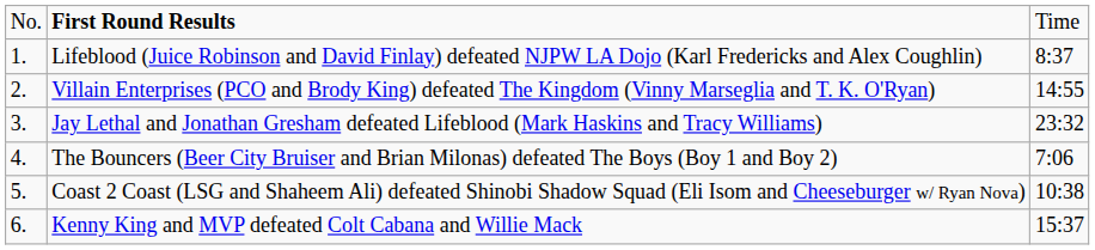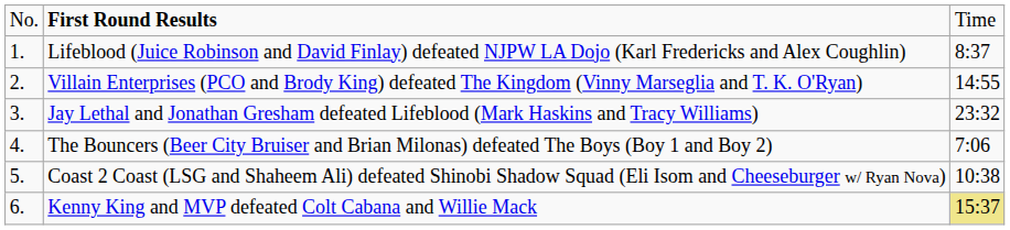 <table class="wikitable">
 <tr>
 <td>No.</td>
 <td><strong>First Round Results</strong></td>
 <td>Time</td>
 </tr>
 <tr>
 <td>1.</td>
 <td>Lifeblood (<a href='#'>Juice Robinson</a> and <a href='#'>David Finlay</a>) defeated <a href='#'>NJPW LA Dojo</a> (Karl Fredericks and Alex Coughlin)</td>
 <td>8:37</td>
 </tr>
 <tr>
 <td>2.</td>
 <td><a href='#'>Villain Enterprises</a> (<a href='#'>PCO</a> and <a href='#'>Brody King</a>) defeated <a href='#'>The Kingdom</a> (<a href='#'>Vinny Marseglia</a> and <a href='#'>T. K. O'Ryan</a>)</td>
 <td>14:55</td>
 </tr>
 <tr>
 <td>3.</td>
 <td><a href='#'>Jay Lethal</a> and <a href='#'>Jonathan Gresham</a> defeated Lifeblood (<a href='#'>Mark Haskins</a> and <a href='#'>Tracy Williams</a>)</td>
 <td>23:32</td>
 </tr>
 <tr>
 <td>4.</td>
 <td>The Bouncers (<a href='#'>Beer City Bruiser</a> and Brian Milonas) defeated The Boys (Boy 1 and Boy 2)</td>
 <td>7:06</td>
 </tr>
 <tr>
 <td>5.</td>
 <td>Coast 2 Coast (LSG and Shaheem Ali) defeated Shinobi Shadow Squad (Eli Isom and <a href='#'>Cheeseburger</a> <small>w/ Ryan Nova</small>)</td>
 <td>10:38</td>
 </tr>
 <tr>
 <td>6.</td>
 <td><a href='#'>Kenny King</a> and <a href='#'>MVP</a> defeated <a href='#'>Colt Cabana</a> and <a href='#'>Willie Mack</a></td>
-<td>15:37</td>
+<td style="background: khaki;">15:37</td>
 </tr>
 </table>
